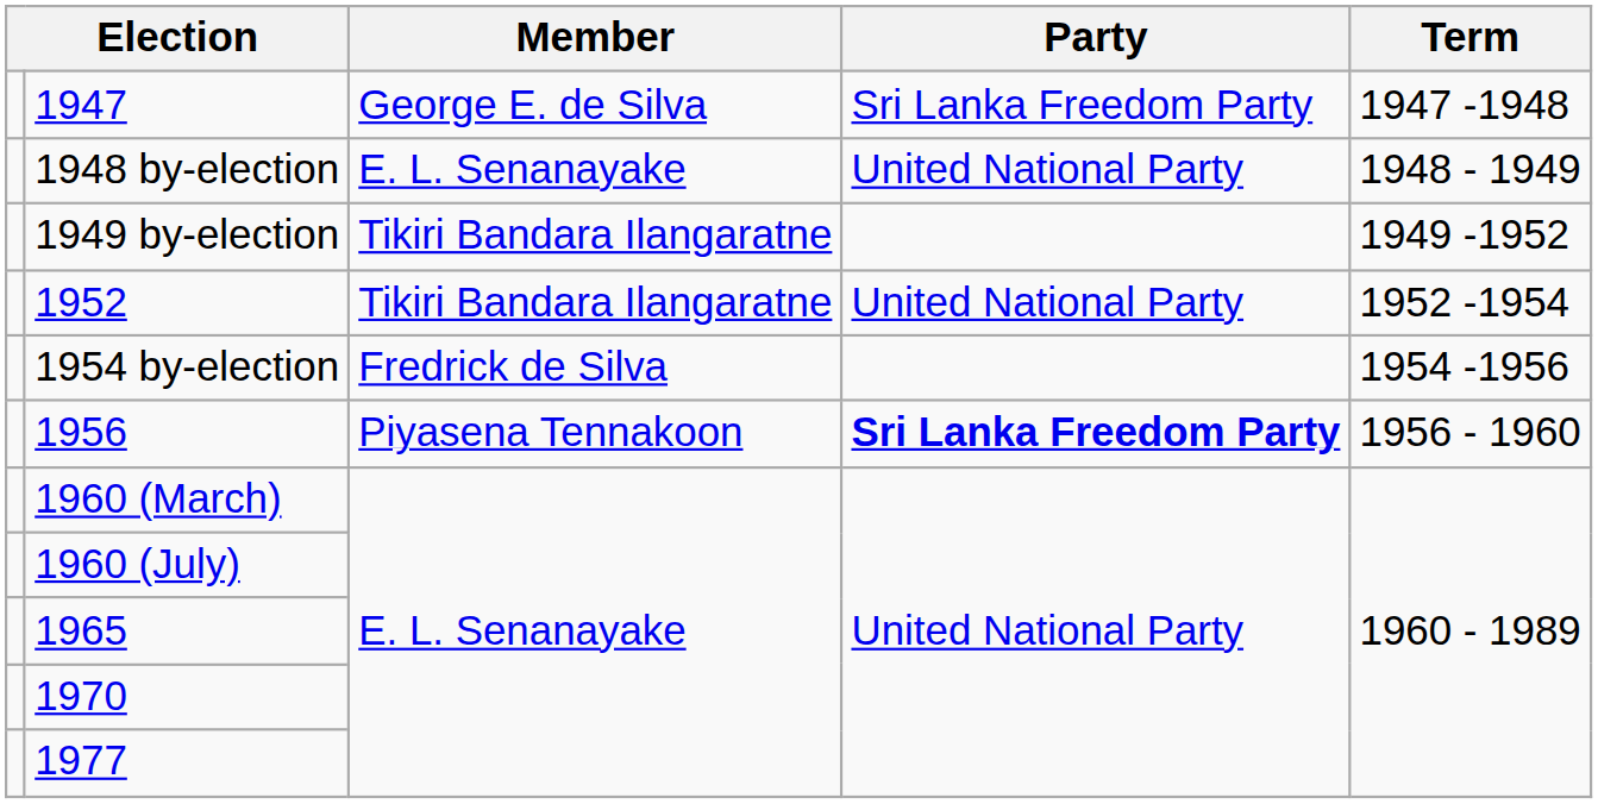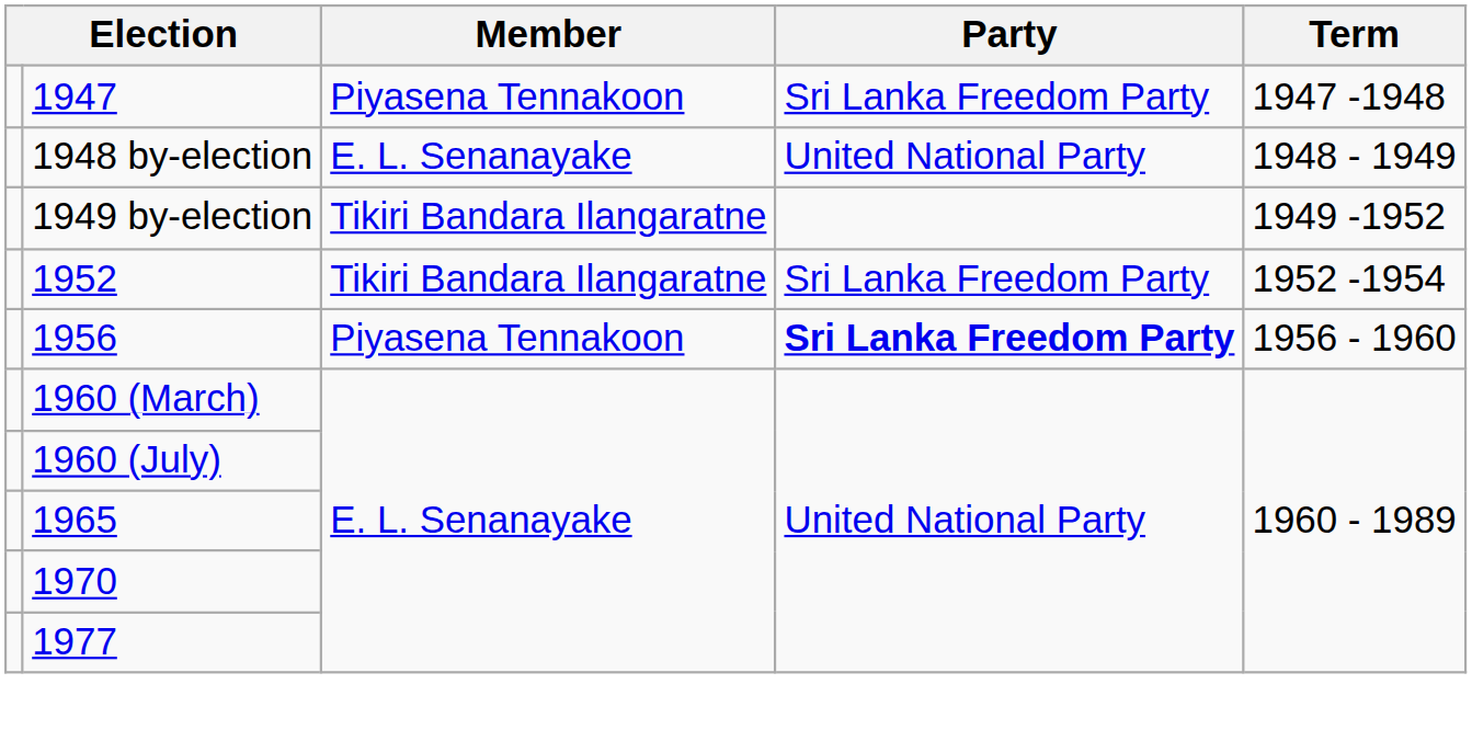 <table class="wikitable">
 <tr>
 <th colspan="2">Election</th>
 <th>Member</th>
 <th>Party</th>
 <th>Term</th>
 </tr>
 <tr>
 <td style="background-color: "></td>
 <td><a href='#'>1947</a></td>
-<td><a href='#'>George E. de Silva</a></td>
+<td><a href='#'>Piyasena Tennakoon</a></td>
 <td><a href='#'>Sri Lanka Freedom Party</a></td>
 <td>1947 -1948</td>
 </tr>
 <tr>
 <td style="background-color: "></td>
 <td>1948 by-election</td>
 <td><a href='#'>E. L. Senanayake</a></td>
 <td><a href='#'>United National Party</a></td>
 <td>1948 - 1949</td>
 </tr>
 <tr>
 <td style="background-color: "></td>
 <td>1949 by-election</td>
 <td><a href='#'>Tikiri Bandara Ilangaratne</a></td>
 <td></td>
 <td>1949 -1952</td>
 </tr>
 <tr>
 <td style="background-color: "></td>
 <td><a href='#'>1952</a></td>
 <td><a href='#'>Tikiri Bandara Ilangaratne</a></td>
-<td><a href='#'>United National Party</a></td>
+<td><a href='#'>Sri Lanka Freedom Party</a></td>
 <td>1952 -1954</td>
-</tr>
-<tr>
-<td style="background-color: "></td>
-<td>1954 by-election</td>
-<td><a href='#'>Fredrick de Silva</a></td>
-<td></td>
-<td>1954 -1956</td>
 </tr>
 <tr>
 <td style="background-color: "></td>
 <td><a href='#'>1956</a></td>
 <td><a href='#'>Piyasena Tennakoon</a></td>
 <td><strong><a href='#'>Sri Lanka Freedom Party</a></strong></td>
 <td>1956 - 1960</td>
 </tr>
 <tr>
 <td style="background-color: "></td>
 <td><a href='#'>1960 (March)</a></td>
 <td rowspan = 5><a href='#'>E. L. Senanayake</a></td>
 <td rowspan = 5><a href='#'>United National Party</a></td>
 <td rowspan = 5>1960 - 1989</td>
 </tr>
 <tr>
 <td style="background-color: "></td>
 <td><a href='#'>1960 (July)</a></td>
 </tr>
 <tr>
 <td style="background-color: "></td>
 <td><a href='#'>1965</a></td>
 </tr>
 <tr>
 <td style="background-color: "></td>
 <td><a href='#'>1970</a></td>
 </tr>
 <tr>
 <td style="background-color: "></td>
 <td><a href='#'>1977</a></td>
 </tr>
 </table>
